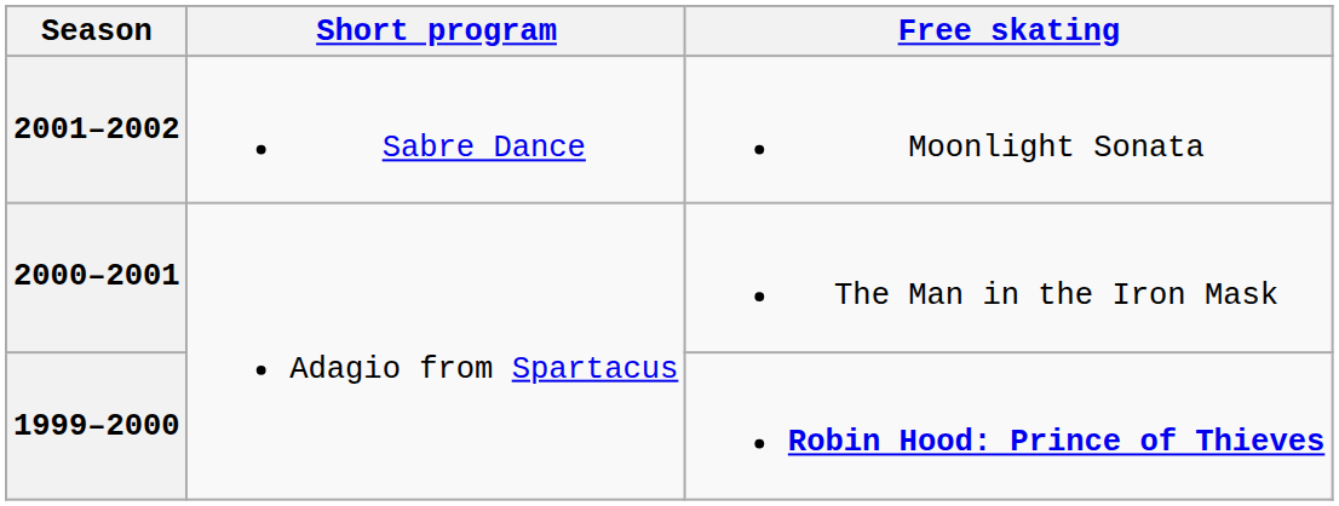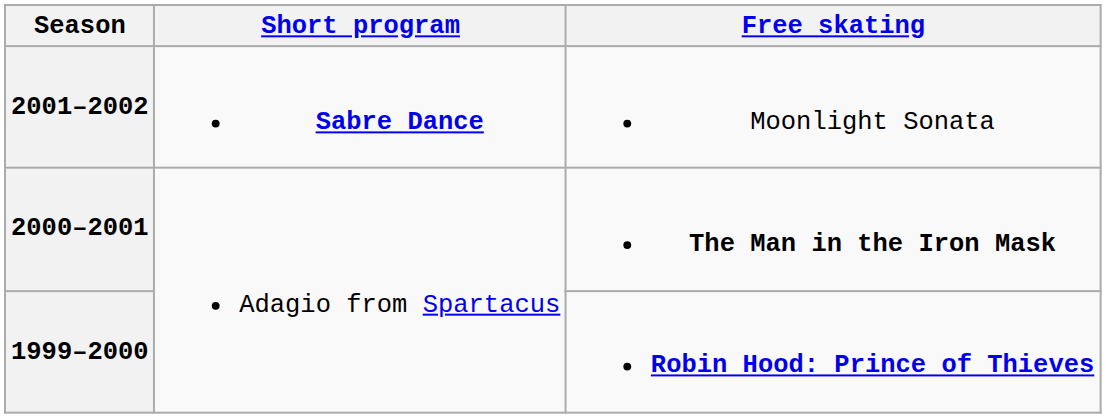 <table class=wikitable style=text-align:center>
 <tr>
 <th>Season</th>
 <th><a href='#'>Short program</a></th>
 <th><a href='#'>Free skating</a></th>
 </tr>
 <tr>
 <th>2001–2002 <br></th>
-<td><br><ul><li><a href='#'>Sabre Dance</a> <br></li></ul></td>
+<td><strong><br><ul><li><a href='#'>Sabre Dance</a> <br></li></ul></strong></td>
 <td><br><ul><li>Moonlight Sonata <br></li></ul></td>
 </tr>
 <tr>
 <th>2000–2001 <br></th>
 <td rowspan=2><br><ul><li>Adagio from <a href='#'>Spartacus</a> <br></li></ul></td>
-<td><br><ul><li>The Man in the Iron Mask <br></li></ul></td>
+<td><strong><br><ul><li>The Man in the Iron Mask <br></li></ul></strong></td>
 </tr>
 <tr>
 <th>1999–2000</th>
 <td><strong><br><ul><li><a href='#'>Robin Hood: Prince of Thieves</a> <br></li></ul></strong></td>
 </tr>
 </table>
